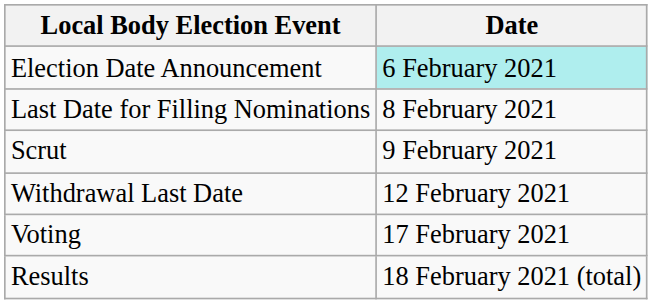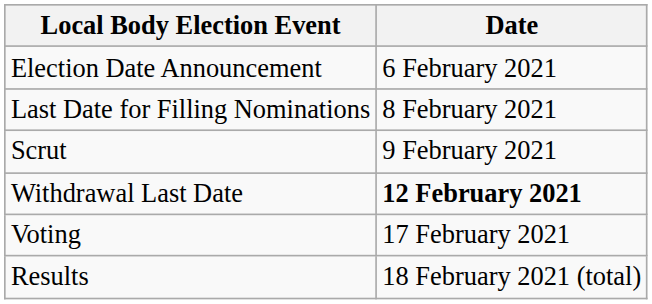 <table class="wikitable">
 <tr>
 <th>Local Body Election Event</th>
 <th>Date</th>
 </tr>
 <tr>
 <td>Election Date Announcement</td>
-<td style="background: paleturquoise;">6 February 2021</td>
+<td>6 February 2021</td>
 </tr>
 <tr>
 <td>Last Date for Filling Nominations</td>
 <td>8 February 2021</td>
 </tr>
 <tr>
 <td>Scrut</td>
 <td>9 February 2021</td>
 </tr>
 <tr>
 <td>Withdrawal Last Date</td>
-<td>12 February 2021</td>
+<td><strong>12 February 2021</strong></td>
 </tr>
 <tr>
 <td>Voting</td>
 <td>17 February 2021</td>
 </tr>
 <tr>
 <td>Results</td>
 <td>18 February 2021 (total)</td>
 </tr>
 </table>
